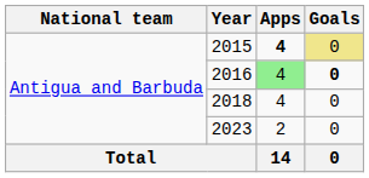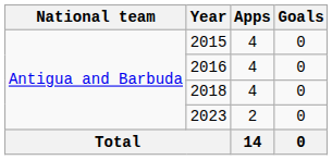 <table class="wikitable" style="text-align: center;">
 <tr>
 <th>National team</th>
 <th>Year</th>
 <th>Apps</th>
 <th>Goals</th>
 </tr>
 <tr>
 <td rowspan="4"><a href='#'>Antigua and Barbuda</a></td>
 <td>2015</td>
-<td><strong>4</strong></td>
-<td style="background: khaki;">0</td>
+<td>4</td>
+<td>0</td>
 </tr>
 <tr>
 <td>2016</td>
-<td style="background: lightgreen;">4</td>
-<td><strong>0</strong></td>
+<td>4</td>
+<td>0</td>
 </tr>
 <tr>
 <td>2018</td>
 <td>4</td>
 <td>0</td>
 </tr>
 <tr>
 <td>2023</td>
 <td>2</td>
 <td>0</td>
 </tr>
 <tr>
 <th colspan="2">Total</th>
 <th>14</th>
 <th>0</th>
 </tr>
 </table>
